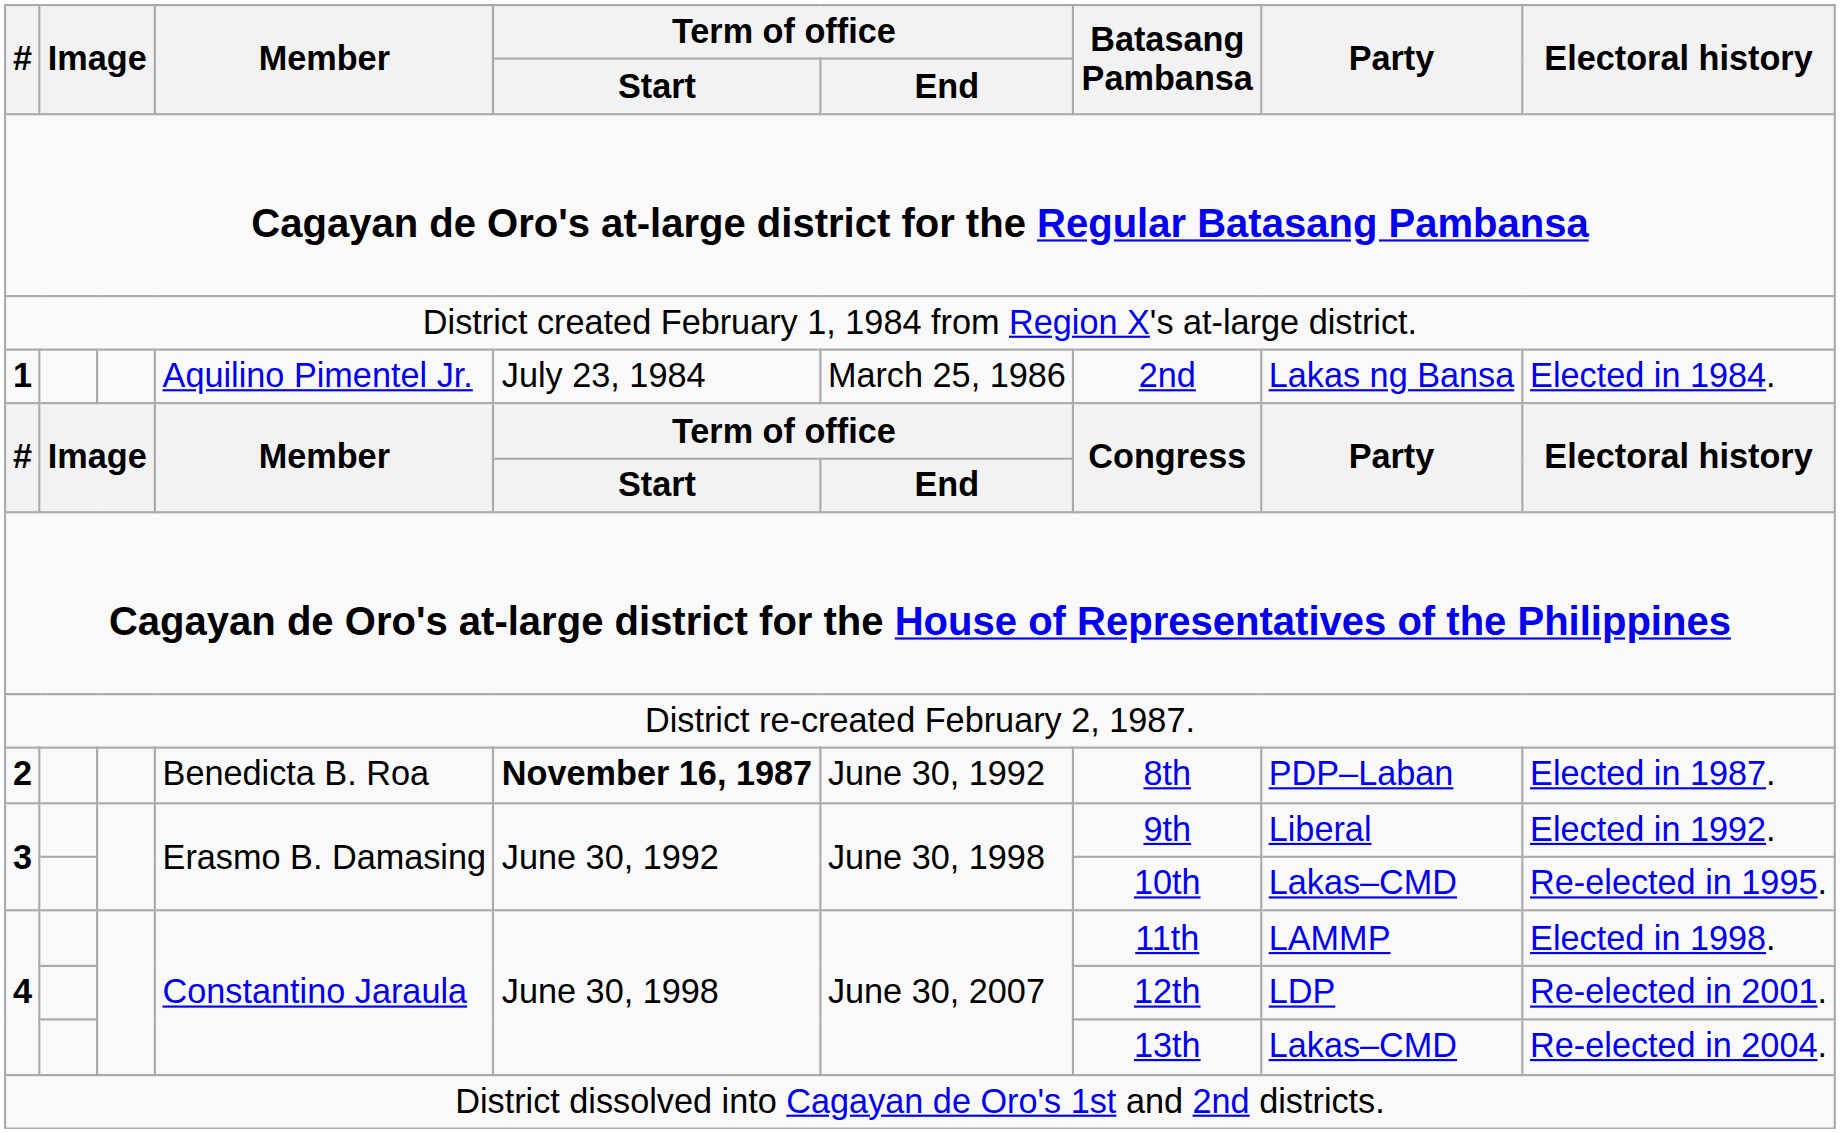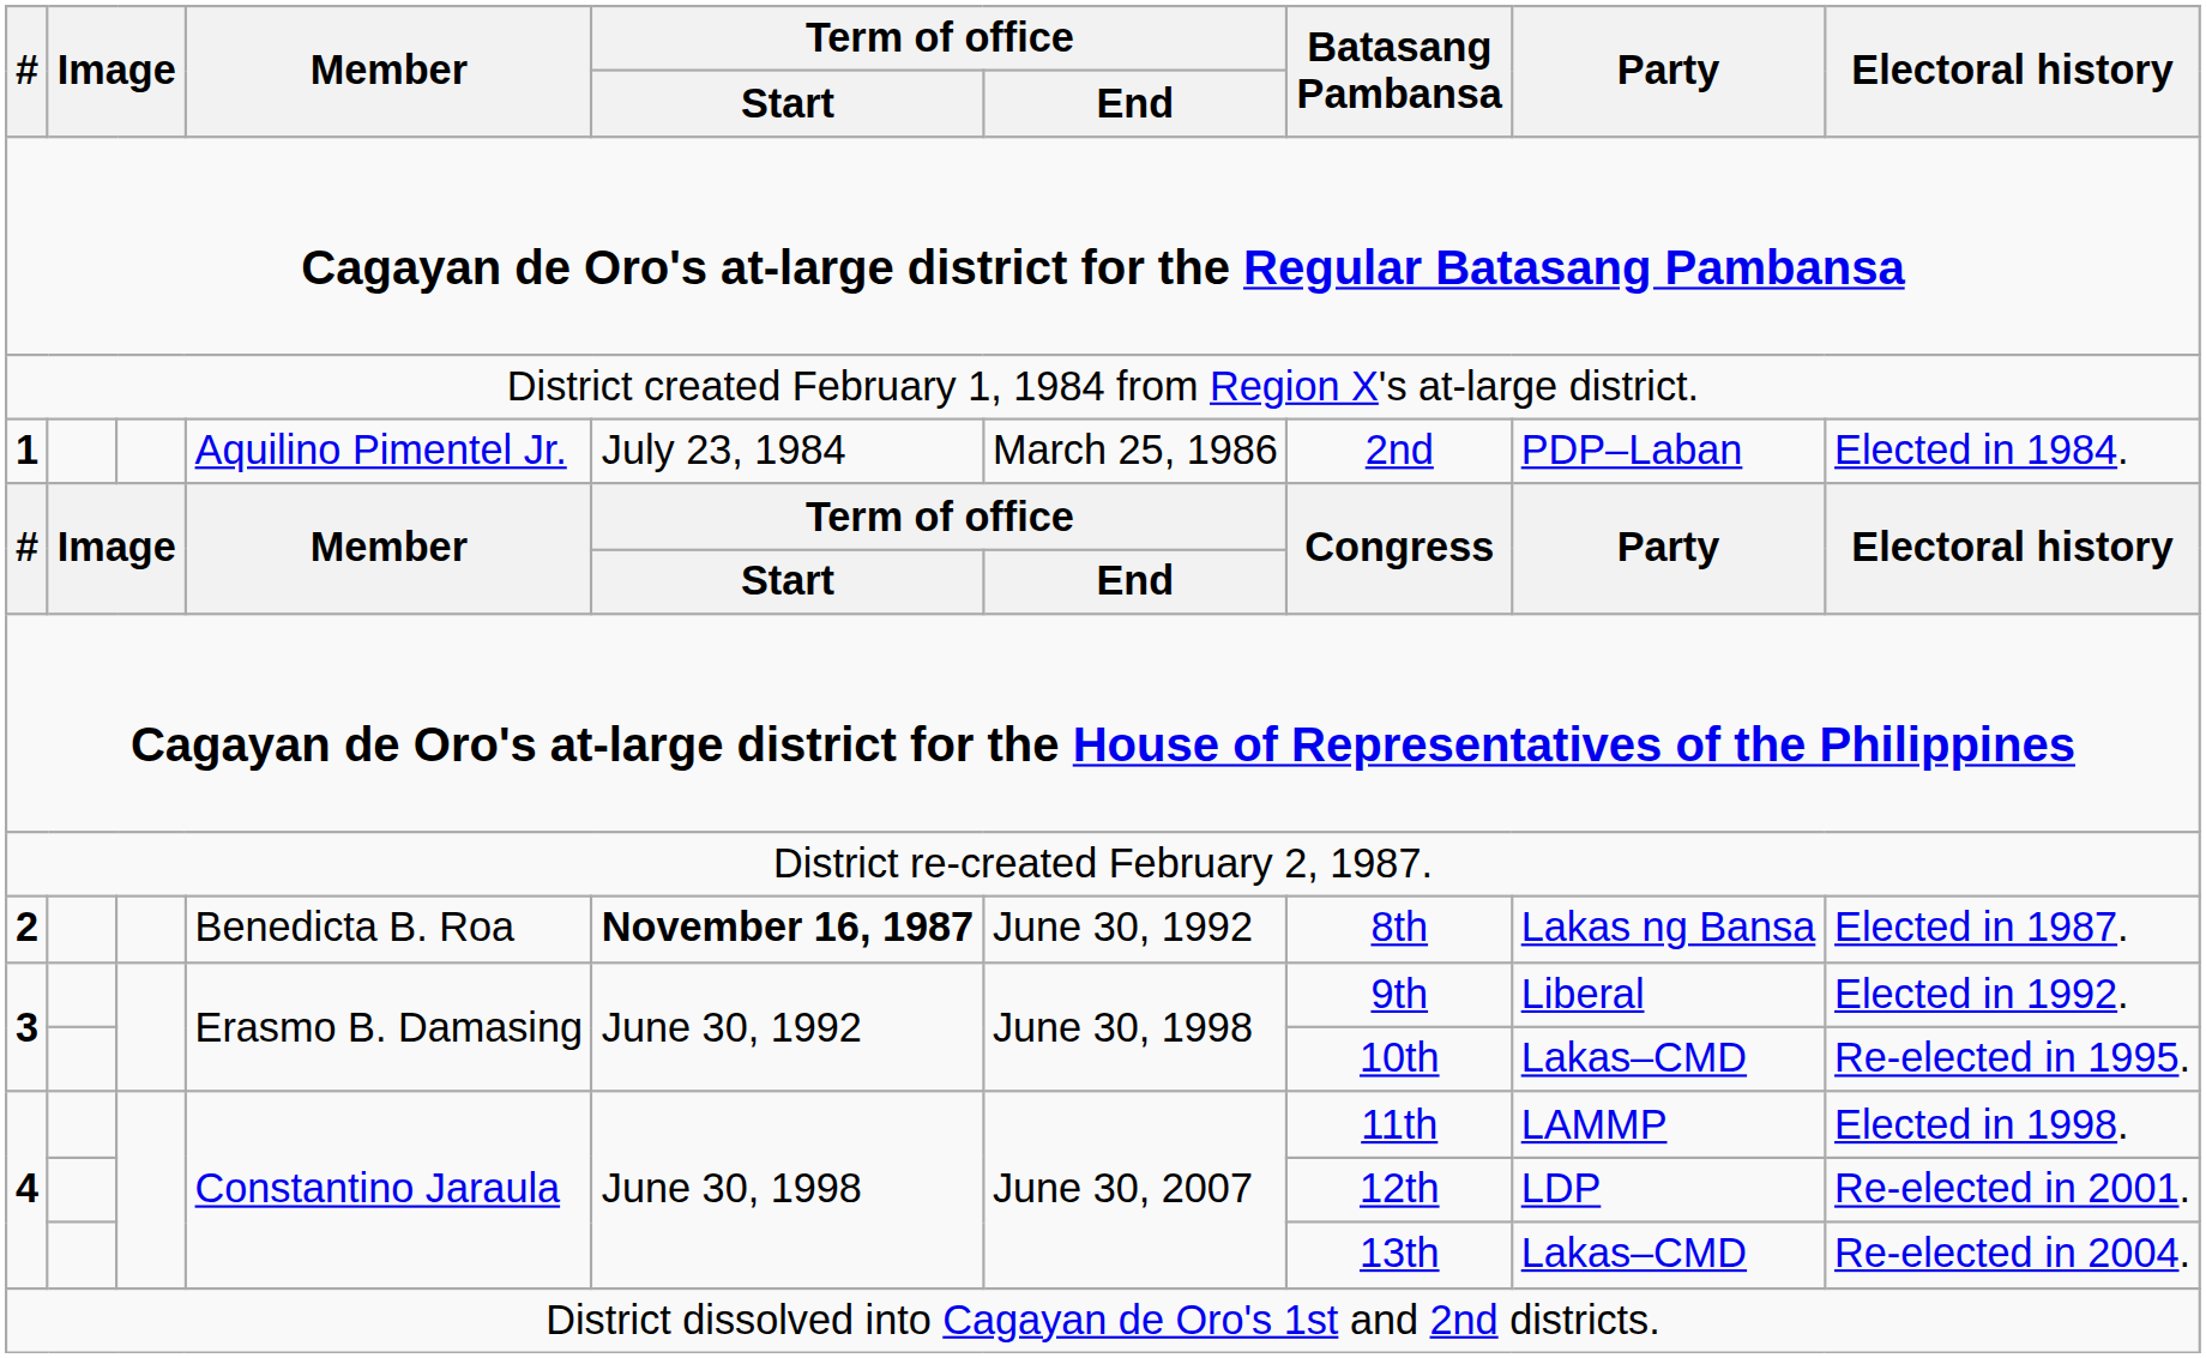 <table class=wikitable>
 <tr>
 <th rowspan="2">#</th>
 <th rowspan="2" colspan=2>Image</th>
 <th rowspan="2">Member</th>
 <th colspan=2>Term of office</th>
 <th rowspan="2">Batasang<br>Pambansa</th>
 <th rowspan="2">Party</th>
 <th rowspan="2">Electoral history</th>
 </tr>
 <tr>
 <th>Start</th>
 <th>End</th>
 </tr>
 <tr>
 <td colspan="9" style="text-align:center;"><br><h3>Cagayan de Oro's at-large district for the <a href='#'>Regular Batasang Pambansa</a></h3></td>
 </tr>
 <tr>
 <td colspan="9" style="text-align:center;">District created February 1, 1984 from <a href='#'>Region X</a>'s at-large district.</td>
 </tr>
 <tr>
 <td style="text-align:center;"><strong>1</strong></td>
 <td style="color:inherit;background:"></td>
 <td></td>
 <td><a href='#'>Aquilino Pimentel Jr.</a></td>
 <td>July 23, 1984</td>
 <td>March 25, 1986</td>
 <td style="text-align:center;"><a href='#'>2nd</a></td>
-<td><a href='#'>Lakas ng Bansa</a></td>
+<td><a href='#'>PDP–Laban</a></td>
 <td><a href='#'>Elected in 1984</a>.</td>
 </tr>
 <tr>
 <th rowspan="2">#</th>
 <th rowspan="2" colspan=2>Image</th>
 <th rowspan="2">Member</th>
 <th colspan=2>Term of office</th>
 <th rowspan="2">Congress</th>
 <th rowspan="2">Party</th>
 <th rowspan="2">Electoral history</th>
 </tr>
 <tr>
 <th>Start</th>
 <th>End</th>
 </tr>
 <tr>
 <td colspan="9" style="text-align:center;"><br><h3>Cagayan de Oro's at-large district for the <a href='#'>House of Representatives of the Philippines</a></h3></td>
 </tr>
 <tr>
 <td colspan="9" style="text-align:center;">District re-created February 2, 1987.</td>
 </tr>
 <tr>
 <td style="text-align:center;"><strong>2</strong></td>
 <td style="color:inherit;background:"></td>
 <td></td>
 <td>Benedicta B. Roa</td>
 <td><strong>November 16, 1987</strong></td>
 <td>June 30, 1992</td>
 <td style="text-align:center;"><a href='#'>8th</a></td>
-<td><a href='#'>PDP–Laban</a></td>
+<td><a href='#'>Lakas ng Bansa</a></td>
 <td><a href='#'>Elected in 1987</a>.</td>
 </tr>
 <tr>
 <td rowspan="2" style="text-align:center;"><strong>3</strong></td>
 <td style="color:inherit;background:"></td>
 <td rowspan="2"></td>
 <td rowspan="2">Erasmo B. Damasing</td>
 <td rowspan="2">June 30, 1992</td>
 <td rowspan="2">June 30, 1998</td>
 <td style="text-align:center;"><a href='#'>9th</a></td>
 <td><a href='#'>Liberal</a></td>
 <td><a href='#'>Elected in 1992</a>.</td>
 </tr>
 <tr>
 <td style="color:inherit;background:"></td>
 <td style="text-align:center;"><a href='#'>10th</a></td>
 <td><a href='#'>Lakas–CMD</a></td>
 <td><a href='#'>Re-elected in 1995</a>.</td>
 </tr>
 <tr>
 <td rowspan="3" style="text-align:center;"><strong>4</strong></td>
 <td style="color:inherit;background:"></td>
 <td rowspan="3"></td>
 <td rowspan="3"><a href='#'>Constantino Jaraula</a></td>
 <td rowspan="3">June 30, 1998</td>
 <td rowspan="3">June 30, 2007</td>
 <td style="text-align:center;"><a href='#'>11th</a></td>
 <td><a href='#'>LAMMP</a></td>
 <td><a href='#'>Elected in 1998</a>.</td>
 </tr>
 <tr>
 <td style="color:inherit;background:"></td>
 <td style="text-align:center;"><a href='#'>12th</a></td>
 <td><a href='#'>LDP</a></td>
 <td><a href='#'>Re-elected in 2001</a>.</td>
 </tr>
 <tr>
 <td style="color:inherit;background:"></td>
 <td style="text-align:center;"><a href='#'>13th</a></td>
 <td><a href='#'>Lakas–CMD</a></td>
 <td><a href='#'>Re-elected in 2004</a>.</td>
 </tr>
 <tr>
 <td colspan="9" style="text-align:center;">District dissolved into <a href='#'>Cagayan de Oro's 1st</a> and <a href='#'>2nd</a> districts.</td>
 </tr>
 </table>
